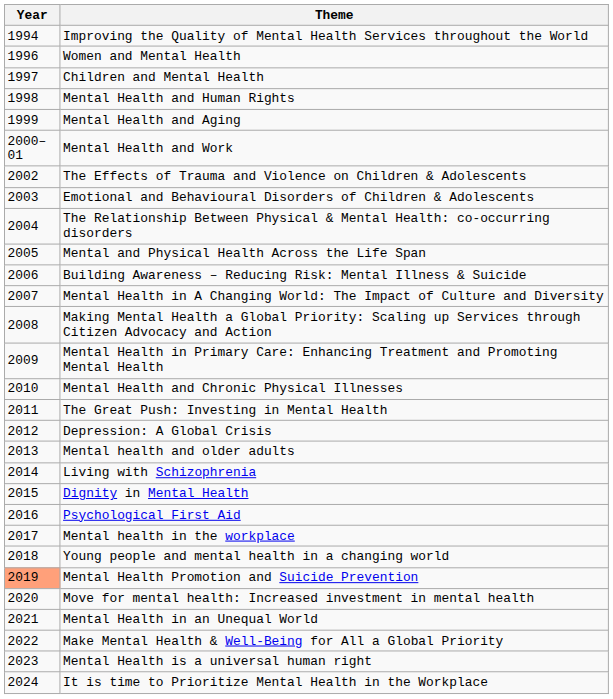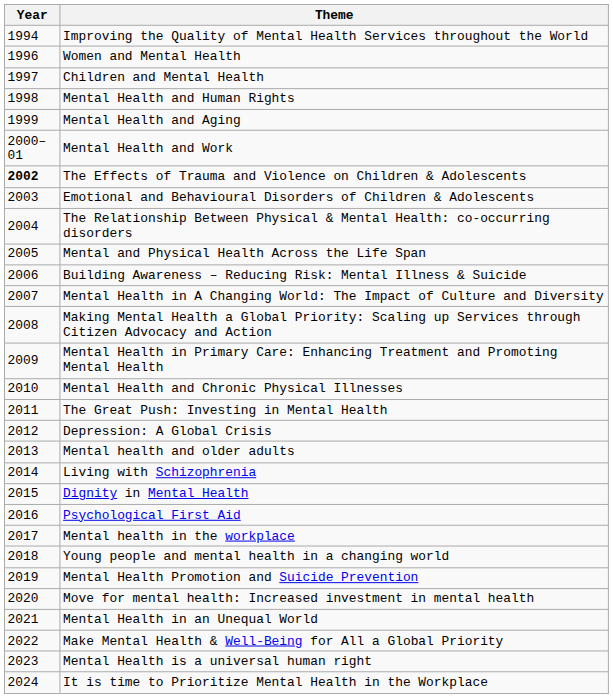 <table class="wikitable">
 <tr>
 <th>Year</th>
 <th>Theme</th>
 </tr>
 <tr>
 <td>1994</td>
 <td>Improving the Quality of Mental Health Services throughout the World</td>
 </tr>
 <tr>
 <td>1996</td>
 <td>Women and Mental Health</td>
 </tr>
 <tr>
 <td>1997</td>
 <td>Children and Mental Health</td>
 </tr>
 <tr>
 <td>1998</td>
 <td>Mental Health and Human Rights</td>
 </tr>
 <tr>
 <td>1999</td>
 <td>Mental Health and Aging</td>
 </tr>
 <tr>
 <td>2000–01</td>
 <td>Mental Health and Work</td>
 </tr>
 <tr>
-<td>2002</td>
+<td><strong>2002</strong></td>
 <td>The Effects of Trauma and Violence on Children & Adolescents</td>
 </tr>
 <tr>
 <td>2003</td>
 <td>Emotional and Behavioural Disorders of Children & Adolescents</td>
 </tr>
 <tr>
 <td>2004</td>
 <td>The Relationship Between Physical & Mental Health: co-occurring disorders</td>
 </tr>
 <tr>
 <td>2005</td>
 <td>Mental and Physical Health Across the Life Span</td>
 </tr>
 <tr>
 <td>2006</td>
 <td>Building Awareness – Reducing Risk: Mental Illness & Suicide</td>
 </tr>
 <tr>
 <td>2007</td>
 <td>Mental Health in A Changing World: The Impact of Culture and Diversity</td>
 </tr>
 <tr>
 <td>2008</td>
 <td>Making Mental Health a Global Priority: Scaling up Services through Citizen Advocacy and Action</td>
 </tr>
 <tr>
 <td>2009</td>
 <td>Mental Health in Primary Care: Enhancing Treatment and Promoting Mental Health</td>
 </tr>
 <tr>
 <td>2010</td>
 <td>Mental Health and Chronic Physical Illnesses</td>
 </tr>
 <tr>
 <td>2011</td>
 <td>The Great Push: Investing in Mental Health</td>
 </tr>
 <tr>
 <td>2012</td>
 <td>Depression: A Global Crisis</td>
 </tr>
 <tr>
 <td>2013</td>
 <td>Mental health and older adults</td>
 </tr>
 <tr>
 <td>2014</td>
 <td>Living with <a href='#'>Schizophrenia</a></td>
 </tr>
 <tr>
 <td>2015</td>
 <td><a href='#'>Dignity</a> in <a href='#'>Mental Health</a></td>
 </tr>
 <tr>
 <td>2016</td>
 <td><a href='#'>Psychological First Aid</a></td>
 </tr>
 <tr>
 <td>2017</td>
 <td>Mental health in the <a href='#'>workplace</a></td>
 </tr>
 <tr>
 <td>2018</td>
 <td>Young people and mental health in a changing world</td>
 </tr>
 <tr>
-<td style="background: lightsalmon;">2019</td>
+<td>2019</td>
 <td>Mental Health Promotion and <a href='#'>Suicide Prevention</a></td>
 </tr>
 <tr>
 <td>2020</td>
 <td>Move for mental health: Increased investment in mental health</td>
 </tr>
 <tr>
 <td>2021</td>
 <td>Mental Health in an Unequal World</td>
 </tr>
 <tr>
 <td>2022</td>
 <td>Make Mental Health & <a href='#'>Well-Being</a> for All a Global Priority</td>
 </tr>
 <tr>
 <td>2023</td>
 <td>Mental Health is a universal human right</td>
 </tr>
 <tr>
 <td>2024</td>
 <td>It is time to Prioritize Mental Health in the Workplace</td>
 </tr>
 </table>
